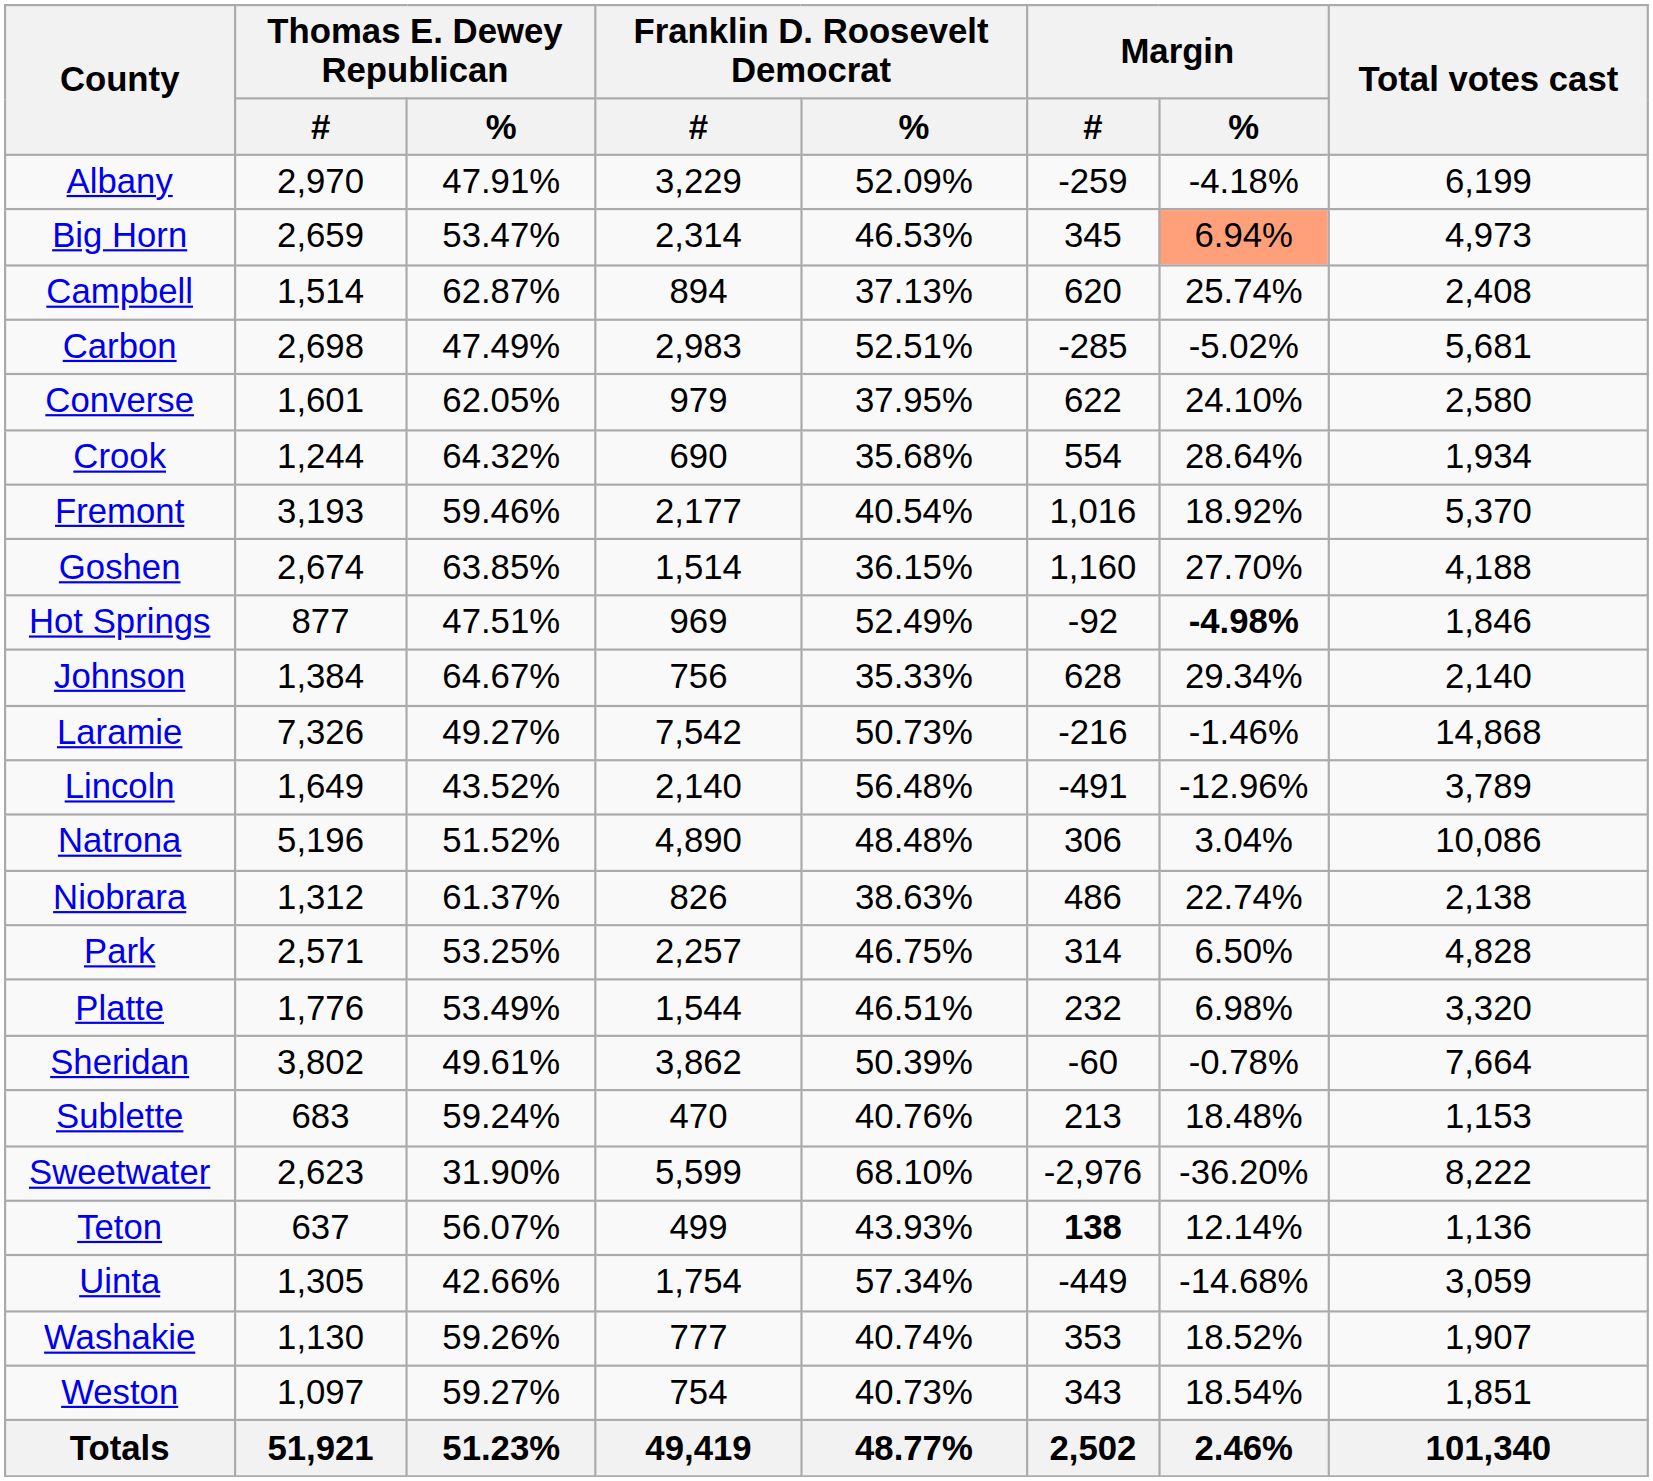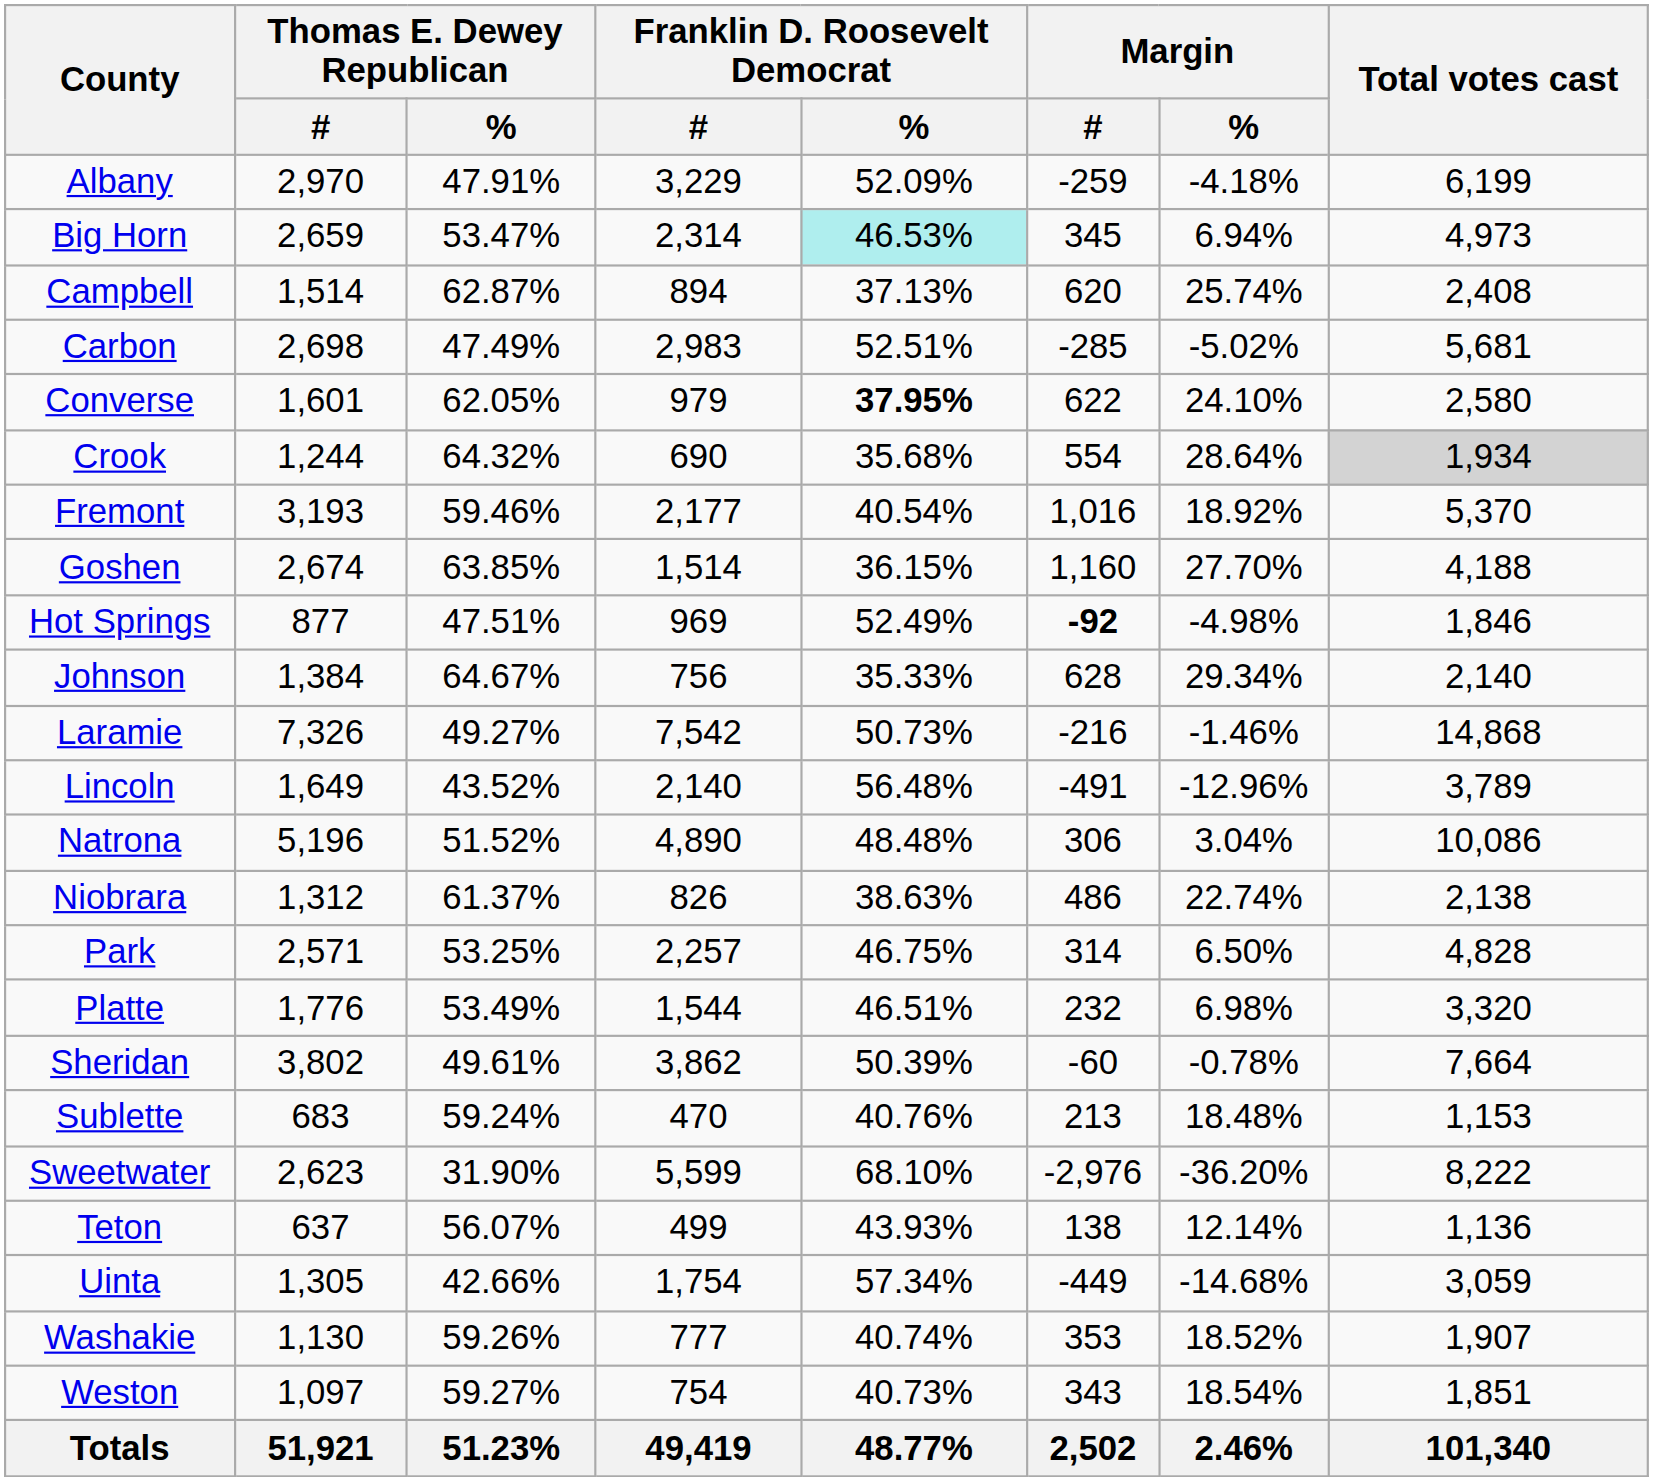 <table width="60%" class="wikitable sortable" style="text-align:center">
 <tr>
 <th style="text-align:center;" rowspan="2">County</th>
 <th style="text-align:center;" colspan="2">Thomas E. Dewey<br>Republican</th>
 <th style="text-align:center;" colspan="2">Franklin D. Roosevelt<br>Democrat</th>
 <th style="text-align:center;" colspan="2">Margin</th>
 <th style="text-align:center;" rowspan="2">Total votes cast</th>
 </tr>
 <tr>
 <th style="text-align:center;" data-sort-type="number">#</th>
 <th style="text-align:center;" data-sort-type="number">%</th>
 <th style="text-align:center;" data-sort-type="number">#</th>
 <th style="text-align:center;" data-sort-type="number">%</th>
 <th style="text-align:center;" data-sort-type="number">#</th>
 <th style="text-align:center;" data-sort-type="number">%</th>
 </tr>
 <tr style="text-align:center;">
 <td><a href='#'>Albany</a></td>
 <td>2,970</td>
 <td>47.91%</td>
 <td>3,229</td>
 <td>52.09%</td>
 <td>-259</td>
 <td>-4.18%</td>
 <td>6,199</td>
 </tr>
 <tr style="text-align:center;">
 <td><a href='#'>Big Horn</a></td>
 <td>2,659</td>
 <td>53.47%</td>
 <td>2,314</td>
-<td>46.53%</td>
+<td style="background: paleturquoise;">46.53%</td>
 <td>345</td>
-<td style="background: lightsalmon;">6.94%</td>
+<td>6.94%</td>
 <td>4,973</td>
 </tr>
 <tr style="text-align:center;">
 <td><a href='#'>Campbell</a></td>
 <td>1,514</td>
 <td>62.87%</td>
 <td>894</td>
 <td>37.13%</td>
 <td>620</td>
 <td>25.74%</td>
 <td>2,408</td>
 </tr>
 <tr style="text-align:center;">
 <td><a href='#'>Carbon</a></td>
 <td>2,698</td>
 <td>47.49%</td>
 <td>2,983</td>
 <td>52.51%</td>
 <td>-285</td>
 <td>-5.02%</td>
 <td>5,681</td>
 </tr>
 <tr style="text-align:center;">
 <td><a href='#'>Converse</a></td>
 <td>1,601</td>
 <td>62.05%</td>
 <td>979</td>
-<td>37.95%</td>
+<td><strong>37.95%</strong></td>
 <td>622</td>
 <td>24.10%</td>
 <td>2,580</td>
 </tr>
 <tr style="text-align:center;">
 <td><a href='#'>Crook</a></td>
 <td>1,244</td>
 <td>64.32%</td>
 <td>690</td>
 <td>35.68%</td>
 <td>554</td>
 <td>28.64%</td>
-<td>1,934</td>
+<td style="background: lightgrey;">1,934</td>
 </tr>
 <tr style="text-align:center;">
 <td><a href='#'>Fremont</a></td>
 <td>3,193</td>
 <td>59.46%</td>
 <td>2,177</td>
 <td>40.54%</td>
 <td>1,016</td>
 <td>18.92%</td>
 <td>5,370</td>
 </tr>
 <tr style="text-align:center;">
 <td><a href='#'>Goshen</a></td>
 <td>2,674</td>
 <td>63.85%</td>
 <td>1,514</td>
 <td>36.15%</td>
 <td>1,160</td>
 <td>27.70%</td>
 <td>4,188</td>
 </tr>
 <tr style="text-align:center;">
 <td><a href='#'>Hot Springs</a></td>
 <td>877</td>
 <td>47.51%</td>
 <td>969</td>
 <td>52.49%</td>
-<td>-92</td>
-<td><strong>-4.98%</strong></td>
+<td><strong>-92</strong></td>
+<td>-4.98%</td>
 <td>1,846</td>
 </tr>
 <tr style="text-align:center;">
 <td><a href='#'>Johnson</a></td>
 <td>1,384</td>
 <td>64.67%</td>
 <td>756</td>
 <td>35.33%</td>
 <td>628</td>
 <td>29.34%</td>
 <td>2,140</td>
 </tr>
 <tr style="text-align:center;">
 <td><a href='#'>Laramie</a></td>
 <td>7,326</td>
 <td>49.27%</td>
 <td>7,542</td>
 <td>50.73%</td>
 <td>-216</td>
 <td>-1.46%</td>
 <td>14,868</td>
 </tr>
 <tr style="text-align:center;">
 <td><a href='#'>Lincoln</a></td>
 <td>1,649</td>
 <td>43.52%</td>
 <td>2,140</td>
 <td>56.48%</td>
 <td>-491</td>
 <td>-12.96%</td>
 <td>3,789</td>
 </tr>
 <tr style="text-align:center;">
 <td><a href='#'>Natrona</a></td>
 <td>5,196</td>
 <td>51.52%</td>
 <td>4,890</td>
 <td>48.48%</td>
 <td>306</td>
 <td>3.04%</td>
 <td>10,086</td>
 </tr>
 <tr style="text-align:center;">
 <td><a href='#'>Niobrara</a></td>
 <td>1,312</td>
 <td>61.37%</td>
 <td>826</td>
 <td>38.63%</td>
 <td>486</td>
 <td>22.74%</td>
 <td>2,138</td>
 </tr>
 <tr style="text-align:center;">
 <td><a href='#'>Park</a></td>
 <td>2,571</td>
 <td>53.25%</td>
 <td>2,257</td>
 <td>46.75%</td>
 <td>314</td>
 <td>6.50%</td>
 <td>4,828</td>
 </tr>
 <tr style="text-align:center;">
 <td><a href='#'>Platte</a></td>
 <td>1,776</td>
 <td>53.49%</td>
 <td>1,544</td>
 <td>46.51%</td>
 <td>232</td>
 <td>6.98%</td>
 <td>3,320</td>
 </tr>
 <tr style="text-align:center;">
 <td><a href='#'>Sheridan</a></td>
 <td>3,802</td>
 <td>49.61%</td>
 <td>3,862</td>
 <td>50.39%</td>
 <td>-60</td>
 <td>-0.78%</td>
 <td>7,664</td>
 </tr>
 <tr style="text-align:center;">
 <td><a href='#'>Sublette</a></td>
 <td>683</td>
 <td>59.24%</td>
 <td>470</td>
 <td>40.76%</td>
 <td>213</td>
 <td>18.48%</td>
 <td>1,153</td>
 </tr>
 <tr style="text-align:center;">
 <td><a href='#'>Sweetwater</a></td>
 <td>2,623</td>
 <td>31.90%</td>
 <td>5,599</td>
 <td>68.10%</td>
 <td>-2,976</td>
 <td>-36.20%</td>
 <td>8,222</td>
 </tr>
 <tr style="text-align:center;">
 <td><a href='#'>Teton</a></td>
 <td>637</td>
 <td>56.07%</td>
 <td>499</td>
 <td>43.93%</td>
-<td><strong>138</strong></td>
+<td>138</td>
 <td>12.14%</td>
 <td>1,136</td>
 </tr>
 <tr style="text-align:center;">
 <td><a href='#'>Uinta</a></td>
 <td>1,305</td>
 <td>42.66%</td>
 <td>1,754</td>
 <td>57.34%</td>
 <td>-449</td>
 <td>-14.68%</td>
 <td>3,059</td>
 </tr>
 <tr style="text-align:center;">
 <td><a href='#'>Washakie</a></td>
 <td>1,130</td>
 <td>59.26%</td>
 <td>777</td>
 <td>40.74%</td>
 <td>353</td>
 <td>18.52%</td>
 <td>1,907</td>
 </tr>
 <tr style="text-align:center;">
 <td><a href='#'>Weston</a></td>
 <td>1,097</td>
 <td>59.27%</td>
 <td>754</td>
 <td>40.73%</td>
 <td>343</td>
 <td>18.54%</td>
 <td>1,851</td>
 </tr>
 <tr style="text-align:center;">
 <th>Totals</th>
 <th>51,921</th>
 <th>51.23%</th>
 <th>49,419</th>
 <th>48.77%</th>
 <th>2,502</th>
 <th>2.46%</th>
 <th>101,340</th>
 </tr>
 </table>
